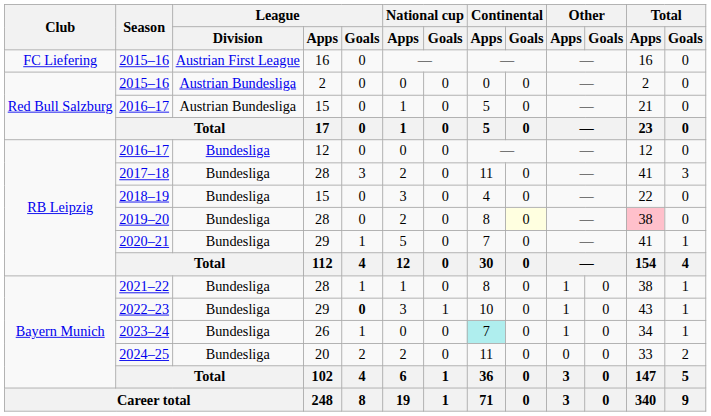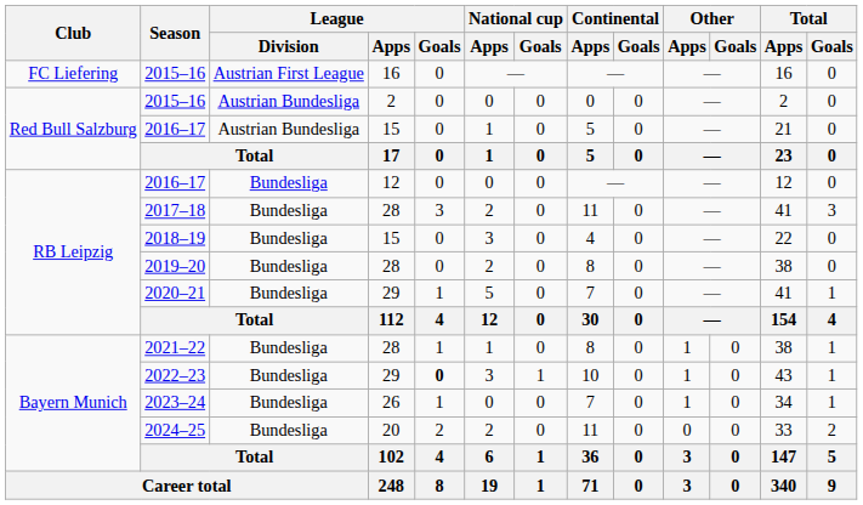 <table class="wikitable" style="text-align: center;">
 <tr>
 <th rowspan="2">Club</th>
 <th rowspan="2">Season</th>
 <th colspan="3">League</th>
 <th colspan="2">National cup</th>
 <th colspan="2">Continental</th>
 <th colspan="2">Other</th>
 <th colspan="2">Total</th>
 </tr>
 <tr>
 <th>Division</th>
 <th>Apps</th>
 <th>Goals</th>
 <th>Apps</th>
 <th>Goals</th>
 <th>Apps</th>
 <th>Goals</th>
 <th>Apps</th>
 <th>Goals</th>
 <th>Apps</th>
 <th>Goals</th>
 </tr>
 <tr>
 <td><a href='#'>FC Liefering</a></td>
 <td><a href='#'>2015–16</a></td>
 <td><a href='#'>Austrian First League</a></td>
 <td>16</td>
 <td>0</td>
 <td colspan="2">—</td>
 <td colspan="2">—</td>
 <td colspan="2">—</td>
 <td>16</td>
 <td>0</td>
 </tr>
 <tr>
 <td rowspan="3"><a href='#'>Red Bull Salzburg</a></td>
 <td><a href='#'>2015–16</a></td>
 <td><a href='#'>Austrian Bundesliga</a></td>
 <td>2</td>
 <td>0</td>
 <td>0</td>
 <td>0</td>
 <td>0</td>
 <td>0</td>
 <td colspan="2">—</td>
 <td>2</td>
 <td>0</td>
 </tr>
 <tr>
 <td><a href='#'>2016–17</a></td>
 <td>Austrian Bundesliga</td>
 <td>15</td>
 <td>0</td>
 <td>1</td>
 <td>0</td>
 <td>5</td>
 <td>0</td>
 <td colspan="2">—</td>
 <td>21</td>
 <td>0</td>
 </tr>
 <tr>
 <th colspan="2">Total</th>
 <th>17</th>
 <th>0</th>
 <th>1</th>
 <th>0</th>
 <th>5</th>
 <th>0</th>
 <th colspan="2">—</th>
 <th>23</th>
 <th>0</th>
 </tr>
 <tr>
 <td rowspan="6"><a href='#'>RB Leipzig</a></td>
 <td><a href='#'>2016–17</a></td>
 <td><a href='#'>Bundesliga</a></td>
 <td>12</td>
 <td>0</td>
 <td>0</td>
 <td>0</td>
 <td colspan="2">—</td>
 <td colspan="2">—</td>
 <td>12</td>
 <td>0</td>
 </tr>
 <tr>
 <td><a href='#'>2017–18</a></td>
 <td>Bundesliga</td>
 <td>28</td>
 <td>3</td>
 <td>2</td>
 <td>0</td>
 <td>11</td>
 <td>0</td>
 <td colspan="2">—</td>
 <td>41</td>
 <td>3</td>
 </tr>
 <tr>
 <td><a href='#'>2018–19</a></td>
 <td>Bundesliga</td>
 <td>15</td>
 <td>0</td>
 <td>3</td>
 <td>0</td>
 <td>4</td>
 <td>0</td>
 <td colspan="2">—</td>
 <td>22</td>
 <td>0</td>
 </tr>
 <tr>
 <td><a href='#'>2019–20</a></td>
 <td>Bundesliga</td>
 <td>28</td>
 <td>0</td>
 <td>2</td>
 <td>0</td>
 <td>8</td>
-<td style="background: lightyellow;">0</td>
+<td>0</td>
 <td colspan="2">—</td>
-<td style="background: pink;">38</td>
+<td>38</td>
 <td>0</td>
 </tr>
 <tr>
 <td><a href='#'>2020–21</a></td>
 <td>Bundesliga</td>
 <td>29</td>
 <td>1</td>
 <td>5</td>
 <td>0</td>
 <td>7</td>
 <td>0</td>
 <td colspan="2">—</td>
 <td>41</td>
 <td>1</td>
 </tr>
 <tr>
 <th colspan="2">Total</th>
 <th>112</th>
 <th>4</th>
 <th>12</th>
 <th>0</th>
 <th>30</th>
 <th>0</th>
 <th colspan="2">—</th>
 <th>154</th>
 <th>4</th>
 </tr>
 <tr>
 <td rowspan="5"><a href='#'>Bayern Munich</a></td>
 <td><a href='#'>2021–22</a></td>
 <td>Bundesliga</td>
 <td>28</td>
 <td>1</td>
 <td>1</td>
 <td>0</td>
 <td>8</td>
 <td>0</td>
 <td>1</td>
 <td>0</td>
 <td>38</td>
 <td>1</td>
 </tr>
 <tr>
 <td><a href='#'>2022–23</a></td>
 <td>Bundesliga</td>
 <td>29</td>
 <td><strong>0</strong></td>
 <td>3</td>
 <td>1</td>
 <td>10</td>
 <td>0</td>
 <td>1</td>
 <td>0</td>
 <td>43</td>
 <td>1</td>
 </tr>
 <tr>
 <td><a href='#'>2023–24</a></td>
 <td>Bundesliga</td>
 <td>26</td>
 <td>1</td>
 <td>0</td>
 <td>0</td>
-<td style="background: paleturquoise;">7</td>
+<td>7</td>
 <td>0</td>
 <td>1</td>
 <td>0</td>
 <td>34</td>
 <td>1</td>
 </tr>
 <tr>
 <td><a href='#'>2024–25</a></td>
 <td>Bundesliga</td>
 <td>20</td>
 <td>2</td>
 <td>2</td>
 <td>0</td>
 <td>11</td>
 <td>0</td>
 <td>0</td>
 <td>0</td>
 <td>33</td>
 <td>2</td>
 </tr>
 <tr>
 <th colspan="2">Total</th>
 <th>102</th>
 <th>4</th>
 <th>6</th>
 <th>1</th>
 <th>36</th>
 <th>0</th>
 <th>3</th>
 <th>0</th>
 <th>147</th>
 <th>5</th>
 </tr>
 <tr>
 <th colspan="3">Career total</th>
 <th>248</th>
 <th>8</th>
 <th>19</th>
 <th>1</th>
 <th>71</th>
 <th>0</th>
 <th>3</th>
 <th>0</th>
 <th>340</th>
 <th>9</th>
 </tr>
 </table>
